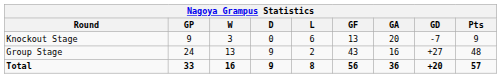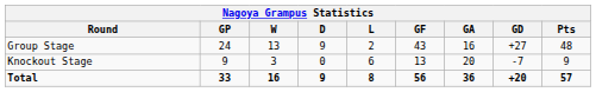 <table width=60% class="wikitable" style="text-align:center;">
 <tr>
 <th colspan=9> <a href='#'>Nagoya Grampus</a> Statistics</th>
 </tr>
 <tr>
 <th width=20%>Round</th>
 <th width=5%>GP</th>
 <th width=5%>W</th>
 <th width=5%>D</th>
 <th width=5%>L</th>
 <th width=5%>GF</th>
 <th width=5%>GA</th>
 <th width=5%>GD</th>
 <th width=5%>Pts</th>
 </tr>
 <tr>
+<td align="left">Group Stage</td>
+<td>24</td>
+<td>13</td>
+<td>9</td>
+<td>2</td>
+<td>43</td>
+<td>16</td>
+<td>+27</td>
+<td>48</td>
+</tr>
+<tr>
 <td align="left">Knockout Stage</td>
 <td>9</td>
 <td>3</td>
 <td>0</td>
 <td>6</td>
 <td>13</td>
 <td>20</td>
 <td>-7</td>
 <td>9</td>
-</tr>
-<tr>
-<td align="left">Group Stage</td>
-<td>24</td>
-<td>13</td>
-<td>9</td>
-<td>2</td>
-<td>43</td>
-<td>16</td>
-<td>+27</td>
-<td>48</td>
 </tr>
 <tr style="font-weight:bold">
 <td align="left">Total</td>
 <td>33</td>
 <td>16</td>
 <td>9</td>
 <td>8</td>
 <td>56</td>
 <td>36</td>
 <td>+20</td>
 <td>57</td>
 </tr>
 </table>
